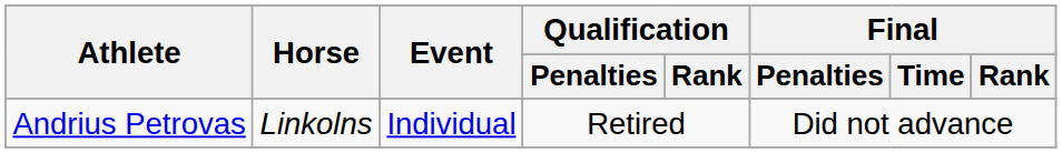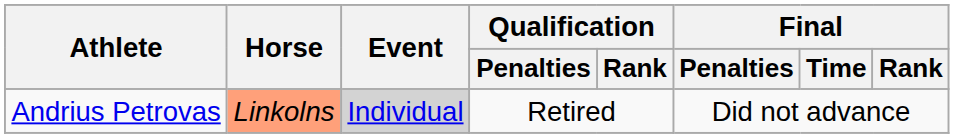 <table class="wikitable" style="font-size:90%">
 <tr>
 <th rowspan="2">Athlete</th>
 <th rowspan="2">Horse</th>
 <th rowspan="2">Event</th>
 <th colspan="2">Qualification</th>
 <th colspan="3">Final</th>
 </tr>
 <tr style="font-size:95%">
 <th>Penalties</th>
 <th>Rank</th>
 <th>Penalties</th>
 <th>Time</th>
 <th>Rank</th>
 </tr>
 <tr align=center>
 <td align=left><a href='#'>Andrius Petrovas</a></td>
-<td align=left><em>Linkolns</em></td>
-<td align=left><a href='#'>Individual</a></td>
+<td align=left style="background: lightsalmon;"><em>Linkolns</em></td>
+<td align=left style="background: lightgrey;"><a href='#'>Individual</a></td>
 <td colspan="2">Retired</td>
 <td colspan="3">Did not advance</td>
 </tr>
 </table>
